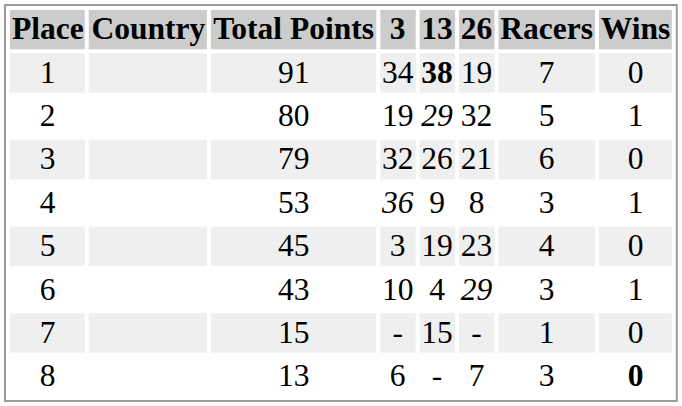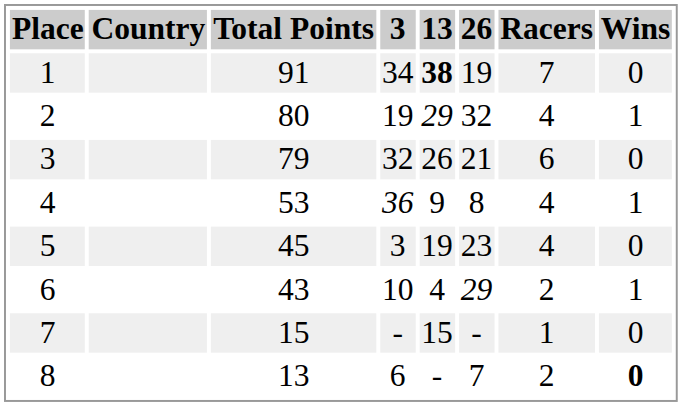 <table border="0" style="border: 1px solid #999; background-color:#FFFFFF; text-align:center">
 <tr align="center" bgcolor="#CCCCCC">
 <th>Place</th>
 <th>Country</th>
 <th>Total Points</th>
 <th>3</th>
 <th>13</th>
 <th>26</th>
 <th>Racers</th>
 <th>Wins</th>
 </tr>
 <tr bgcolor="#EFEFEF">
 <td>1</td>
 <td align="left"></td>
 <td>91</td>
 <td>34</td>
 <td><strong>38</strong></td>
 <td>19</td>
 <td>7</td>
 <td>0</td>
 </tr>
 <tr>
 <td>2</td>
 <td align="left"></td>
 <td>80</td>
 <td>19</td>
 <td><em>29</em></td>
 <td>32</td>
-<td>5</td>
+<td>4</td>
 <td>1</td>
 </tr>
 <tr bgcolor="#EFEFEF">
 <td>3</td>
 <td align="left"></td>
 <td>79</td>
 <td>32</td>
 <td>26</td>
 <td>21</td>
 <td>6</td>
 <td>0</td>
 </tr>
 <tr>
 <td>4</td>
 <td align="left"></td>
 <td>53</td>
 <td><em>36</em></td>
 <td>9</td>
 <td>8</td>
-<td>3</td>
+<td>4</td>
 <td>1</td>
 </tr>
 <tr bgcolor="#EFEFEF">
 <td>5</td>
 <td align="left"></td>
 <td>45</td>
 <td>3</td>
 <td>19</td>
 <td>23</td>
 <td>4</td>
 <td>0</td>
 </tr>
 <tr>
 <td>6</td>
 <td align="left"></td>
 <td>43</td>
 <td>10</td>
 <td>4</td>
 <td><em>29</em></td>
-<td>3</td>
+<td>2</td>
 <td>1</td>
 </tr>
 <tr bgcolor="#EFEFEF">
 <td>7</td>
 <td align="left"></td>
 <td>15</td>
 <td>-</td>
 <td>15</td>
 <td>-</td>
 <td>1</td>
 <td>0</td>
 </tr>
 <tr>
 <td>8</td>
 <td align="left"></td>
 <td>13</td>
 <td>6</td>
 <td>-</td>
 <td>7</td>
-<td>3</td>
+<td>2</td>
 <td><strong>0</strong></td>
 </tr>
 </table>
